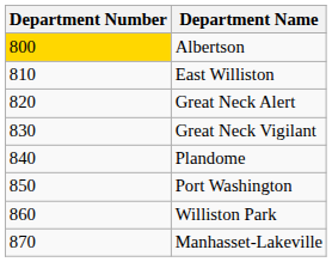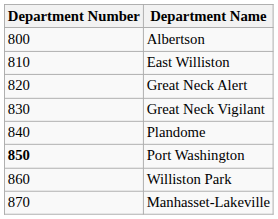 <table class="wikitable mw-collapsible">
 <tr valign="bottom">
 <th>Department Number</th>
 <th>Department Name</th>
 </tr>
 <tr>
-<td style="background: gold;">800</td>
+<td>800</td>
 <td>Albertson</td>
 </tr>
 <tr>
 <td>810</td>
 <td>East Williston</td>
 </tr>
 <tr>
 <td>820</td>
 <td>Great Neck Alert</td>
 </tr>
 <tr>
 <td>830</td>
 <td>Great Neck Vigilant</td>
 </tr>
 <tr>
 <td>840</td>
 <td>Plandome</td>
 </tr>
 <tr>
-<td>850</td>
+<td><strong>850</strong></td>
 <td>Port Washington</td>
 </tr>
 <tr>
 <td>860</td>
 <td>Williston Park</td>
 </tr>
 <tr>
 <td>870</td>
 <td>Manhasset-Lakeville</td>
 </tr>
 </table>
